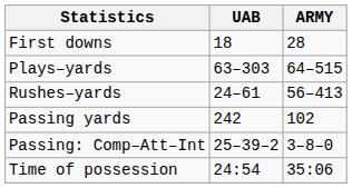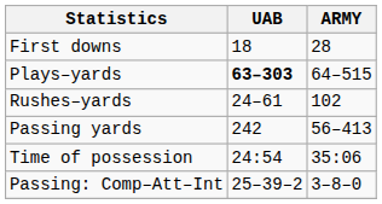 <table class="wikitable" style="float: left;">
 <tr>
 <th>Statistics</th>
 <th>UAB</th>
 <th>ARMY</th>
 </tr>
 <tr>
 <td>First downs</td>
 <td>18</td>
 <td>28</td>
 </tr>
 <tr>
 <td>Plays–yards</td>
-<td>63–303</td>
+<td><strong>63–303</strong></td>
 <td>64–515</td>
 </tr>
 <tr>
 <td>Rushes–yards</td>
 <td>24–61</td>
-<td>56–413</td>
+<td>102</td>
 </tr>
 <tr>
 <td>Passing yards</td>
 <td>242</td>
-<td>102</td>
+<td>56–413</td>
+</tr>
+<tr>
+<td>Time of possession</td>
+<td>24:54</td>
+<td>35:06</td>
 </tr>
 <tr>
 <td>Passing: Comp–Att–Int</td>
 <td>25–39–2</td>
 <td>3–8–0</td>
 </tr>
 <tr>
-<td>Time of possession</td>
-<td>24:54</td>
-<td>35:06</td>
-</tr>
-<tr>
 </tr>
 </table>
